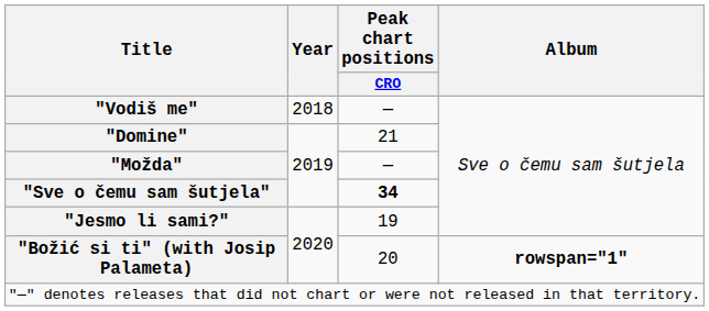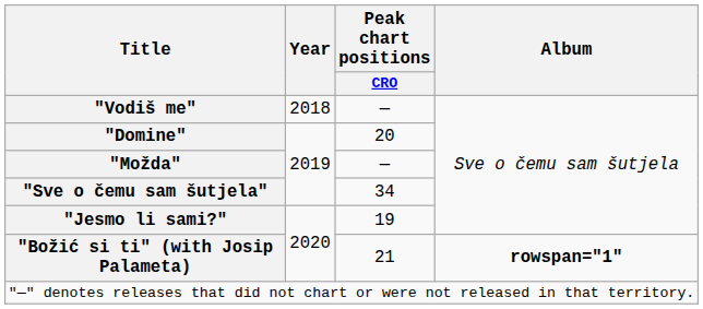 <table class="wikitable plainrowheaders" style="text-align:center;">
 <tr>
 <th scope="col" rowspan="2" style="width:16em;">Title</th>
 <th scope="col" rowspan="2" style="width:1em;">Year</th>
 <th scope="col" colspan="1">Peak chart positions</th>
 <th scope="col" rowspan="2">Album</th>
 </tr>
 <tr>
 <th scope="col" style="width:3em;font-size:85%;"><a href='#'>CRO</a><br></th>
 </tr>
 <tr>
 <th scope="row">"Vodiš me"</th>
 <td rowspan="1">2018</td>
 <td>—</td>
 <td rowspan="5"><em>Sve  o čemu sam šutjela</em></td>
 </tr>
 <tr>
 <th scope="row">"Domine"</th>
 <td rowspan="3">2019</td>
-<td>21</td>
+<td>20</td>
 </tr>
 <tr>
 <th scope="row">"Možda"</th>
 <td>—</td>
 </tr>
 <tr>
 <th scope="row">"Sve o čemu sam šutjela"</th>
-<td><strong>34</strong></td>
+<td>34</td>
 </tr>
 <tr>
 <th scope="row">"Jesmo li sami?"</th>
 <td rowspan="2">2020</td>
 <td>19</td>
 </tr>
 <tr>
 <th scope="row">"Božić si ti" <span>(with Josip Palameta)</span></th>
-<td>20</td>
+<td>21</td>
 <td><strong>rowspan="1" </strong></td>
 </tr>
 <tr>
 <td colspan="22" style="text-align:center; font-size:85%;">"—" denotes releases that did not chart or were not released in that territory.</td>
 </tr>
 </table>
